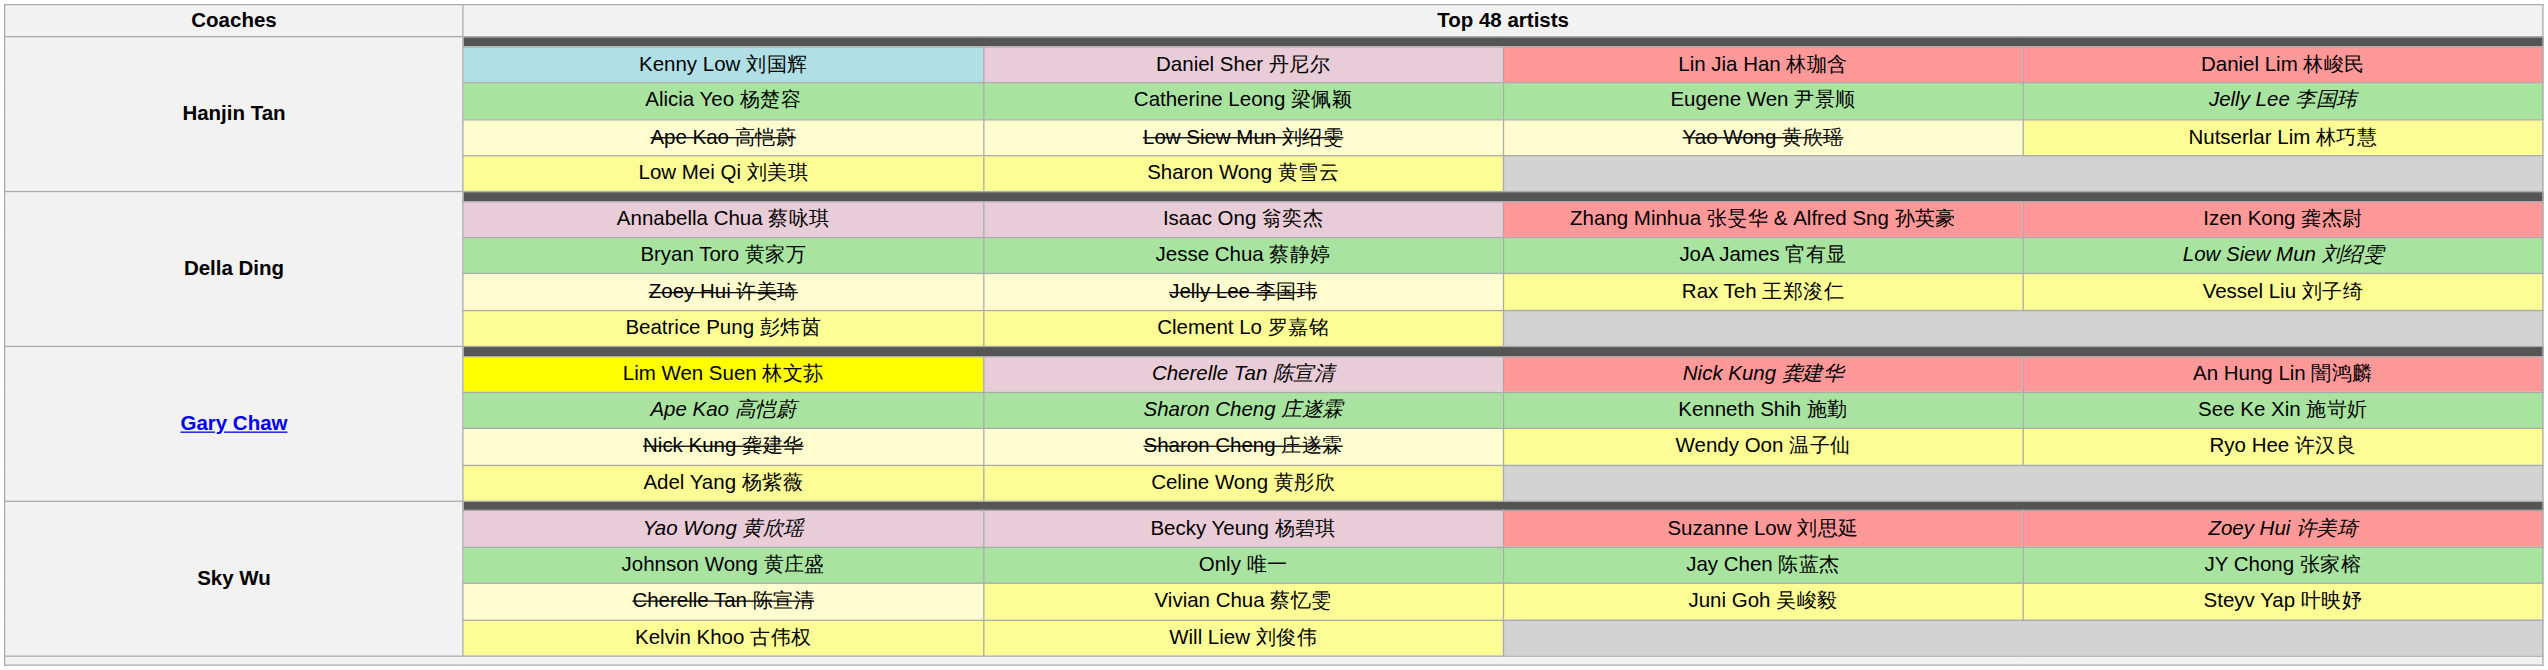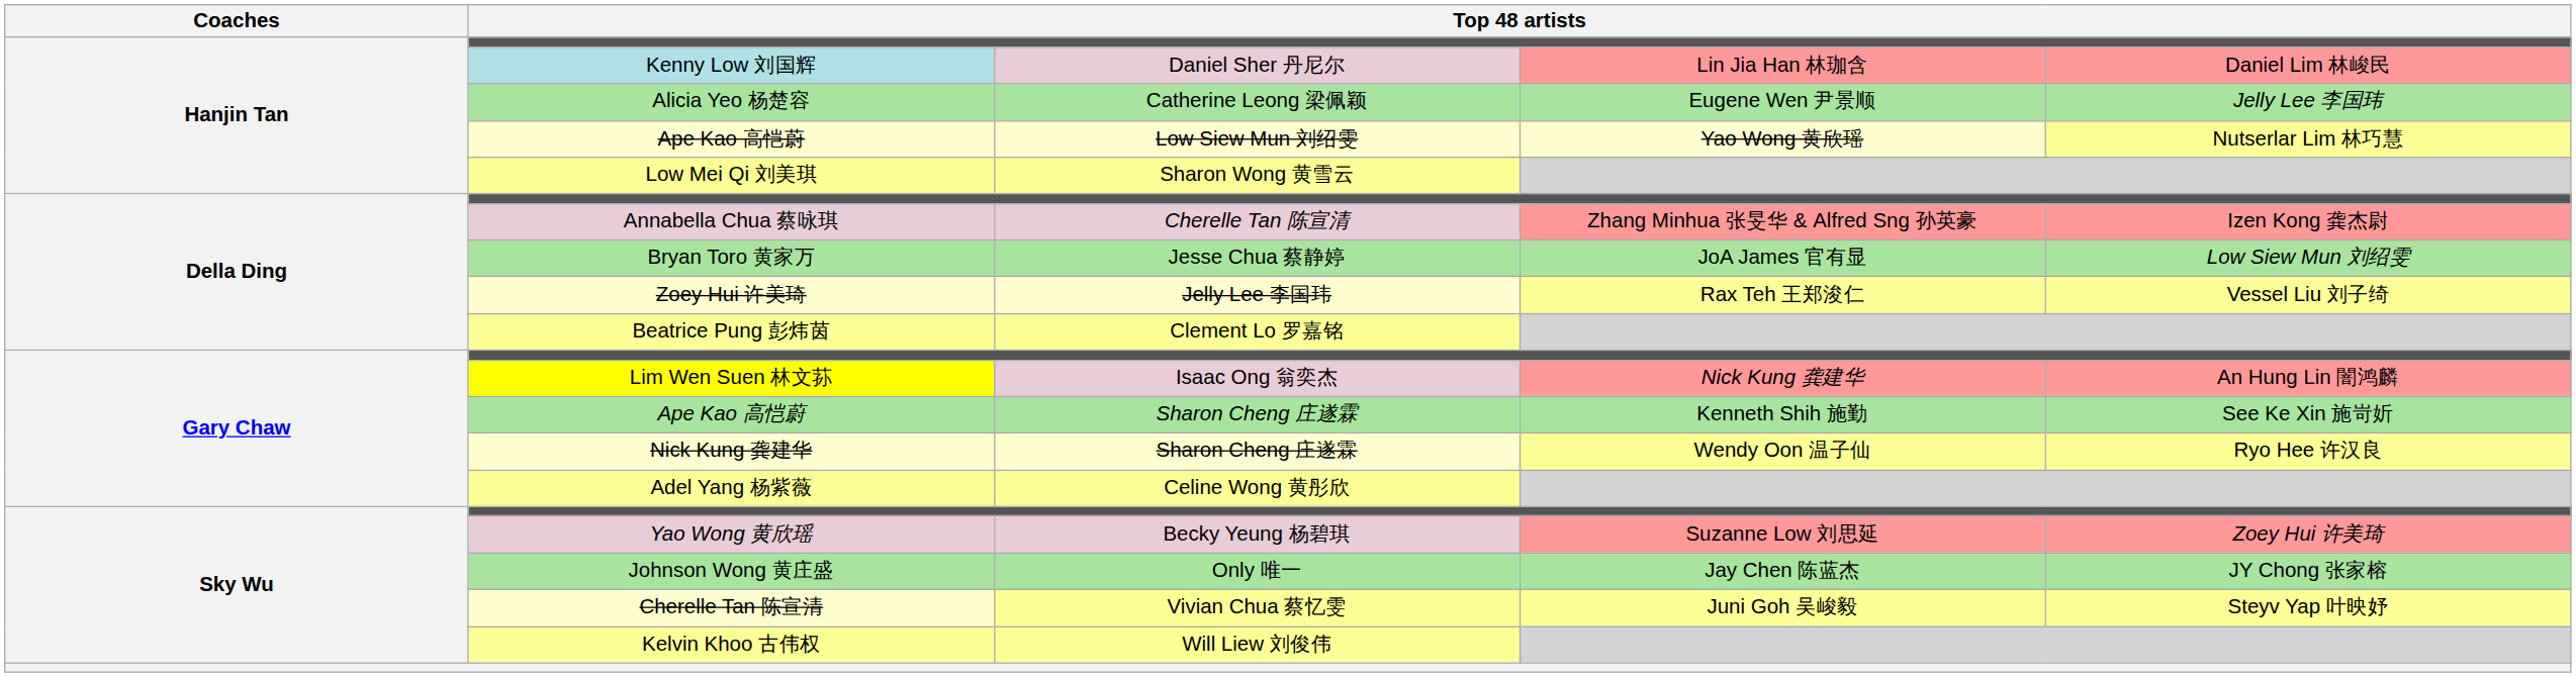 <table class="wikitable" style="text-align:center; width:100%;">
 <tr>
 <th style="width:15%;">Coaches</th>
 <th colspan="4" style="width:85%;">Top 48 artists</th>
 </tr>
 <tr>
 <th rowspan="5">Hanjin Tan</th>
 <td colspan="4" style="background:#555;"></td>
 </tr>
 <tr>
 <td style="background:#B0E0E6;">Kenny Low 刘国辉</td>
 <td style="background:#E8CCD7;">Daniel Sher 丹尼尔</td>
 <td style="background:#FF9999;">Lin Jia Han 林珈含</td>
 <td style="background:#FF9999;">Daniel Lim 林峻民</td>
 </tr>
 <tr>
 <td style="background:#A8E4A0;">Alicia Yeo 杨楚容</td>
 <td style="background:#A8E4A0;">Catherine Leong 梁佩颖</td>
 <td style="background:#A8E4A0;">Eugene Wen 尹景顺</td>
 <td style="background:#A8E4A0;"><em>Jelly Lee 李国玮</em></td>
 </tr>
 <tr>
 <td style="background:#FFFDD0;"><s>Ape Kao 高恺蔚</s></td>
 <td style="background:#FFFDD0;"><s>Low Siew Mun 刘绍雯</s></td>
 <td style="background:#FFFDD0;"><s>Yao Wong 黄欣瑶</s></td>
 <td style="background:#FDFD96;">Nutserlar Lim 林巧慧</td>
 </tr>
 <tr>
 <td style="background:#FDFD96;">Low Mei Qi 刘美琪</td>
 <td style="background:#FDFD96;">Sharon Wong 黄雪云</td>
 <td colspan="2" style="background:lightgrey;"></td>
 </tr>
 <tr>
 <th rowspan="5">Della Ding</th>
 <td colspan="4" style="background:#555;"></td>
 </tr>
 <tr>
 <td style="background:#E8CCD7;" width="17%;">Annabella Chua 蔡咏琪</td>
-<td style="background:#E8CCD7;">Isaac Ong 翁奕杰</td>
+<td style="background:#E8CCD7;" width="17%;"><em>Cherelle Tan 陈宣清</em></td>
 <td style="background:#FF9999;" width="17%;">Zhang Minhua 张旻华 & Alfred Sng 孙英豪</td>
 <td style="background:#FF9999;" width="17%;">Izen Kong 龚杰尉</td>
 </tr>
 <tr>
 <td style="background:#A8E4A0;">Bryan Toro 黄家万</td>
 <td style="background:#A8E4A0;">Jesse Chua 蔡静婷</td>
 <td style="background:#A8E4A0;">JoA James 官有显</td>
 <td style="background:#A8E4A0;"><em>Low Siew Mun 刘绍雯</em></td>
 </tr>
 <tr>
 <td style="background:#FFFDD0;"><s>Zoey Hui 许美琦</s></td>
 <td style="background:#FFFDD0;"><s>Jelly Lee 李国玮</s></td>
 <td style="background:#FDFD96;">Rax Teh 王郑浚仁</td>
 <td style="background:#FDFD96;">Vessel Liu 刘子绮</td>
 </tr>
 <tr>
 <td style="background:#FDFD96;">Beatrice Pung 彭炜茵</td>
 <td style="background:#FDFD96;">Clement Lo 罗嘉铭</td>
 <td colspan="2" style="background:lightgrey;"></td>
 </tr>
 <tr>
 <th rowspan="5"><a href='#'>Gary Chaw</a></th>
 <td colspan="4" style="background:#555;"></td>
 </tr>
 <tr>
 <td style="background:yellow;">Lim Wen Suen 林文荪</td>
-<td style="background:#E8CCD7;" width="17%;"><em>Cherelle Tan 陈宣清</em></td>
+<td style="background:#E8CCD7;">Isaac Ong 翁奕杰</td>
 <td style="background:#FF9999;"><em>Nick Kung 龚建华</em></td>
 <td style="background:#FF9999;">An Hung Lin 闇鸿麟</td>
 </tr>
 <tr>
 <td style="background:#A8E4A0;"><em>Ape Kao 高恺蔚</em></td>
 <td style="background:#A8E4A0;"><em>Sharon Cheng 庄遂霖</em></td>
 <td style="background:#A8E4A0;">Kenneth Shih 施勤</td>
 <td style="background:#A8E4A0;">See Ke Xin 施岢妡</td>
 </tr>
 <tr>
 <td style="background:#FFFDD0;"><s>Nick Kung 龚建华</s></td>
 <td style="background:#FFFDD0;"><s>Sharon Cheng 庄遂霖</s></td>
 <td style="background:#FDFD96;">Wendy Oon 温子仙</td>
 <td style="background:#FDFD96;">Ryo Hee 许汉良</td>
 </tr>
 <tr>
 <td style="background:#FDFD96;">Adel Yang 杨紫薇</td>
 <td style="background:#FDFD96;">Celine Wong 黄彤欣</td>
 <td colspan="2" style="background:lightgrey;"></td>
 </tr>
 <tr>
 <th rowspan="5">Sky Wu</th>
 <td colspan="4" style="background:#555;"></td>
 </tr>
 <tr>
 <td style="background:#E8CCD7;"><em>Yao Wong 黄欣瑶</em></td>
 <td style="background:#E8CCD7;">Becky Yeung 杨碧琪</td>
 <td style="background:#FF9999;">Suzanne Low 刘思延</td>
 <td style="background:#FF9999;"><em>Zoey Hui 许美琦</em></td>
 </tr>
 <tr>
 <td style="background:#A8E4A0;">Johnson Wong 黄庄盛</td>
 <td style="background:#A8E4A0;">Only 唯一</td>
 <td style="background:#A8E4A0;">Jay Chen 陈蓝杰</td>
 <td style="background:#A8E4A0;">JY Chong 张家榕</td>
 </tr>
 <tr>
 <td style="background:#FFFDD0;"><s>Cherelle Tan 陈宣清</s></td>
 <td style="background:#FDFD96;">Vivian Chua 蔡忆雯</td>
 <td style="background:#FDFD96;">Juni Goh 吴峻毅</td>
 <td style="background:#FDFD96;">Steyv Yap 叶映妤</td>
 </tr>
 <tr>
 <td style="background:#FDFD96;">Kelvin Khoo 古伟权</td>
 <td style="background:#FDFD96;">Will Liew 刘俊伟</td>
 <td colspan="2" style="background:lightgrey;"></td>
 </tr>
 <tr>
 <th colspan="5" style="font-size:90%; line-height:12px;"><small></small></th>
 </tr>
 </table>
